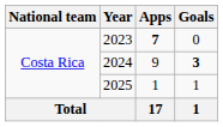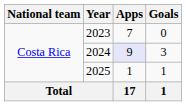 <table class="wikitable" style="text-align:center">
 <tr>
 <th>National team</th>
 <th>Year</th>
 <th>Apps</th>
 <th>Goals</th>
 </tr>
 <tr>
 <td rowspan="3"><a href='#'>Costa Rica</a></td>
 <td>2023</td>
-<td><strong>7</strong></td>
+<td>7</td>
 <td>0</td>
 </tr>
 <tr>
 <td>2024</td>
-<td>9</td>
-<td><strong>3</strong></td>
+<td style="background: lavender;">9</td>
+<td>3</td>
 </tr>
 <tr>
 <td>2025</td>
 <td>1</td>
 <td>1</td>
 </tr>
 <tr>
 <th colspan="2">Total</th>
 <th>17</th>
 <th>1</th>
 </tr>
 </table>
